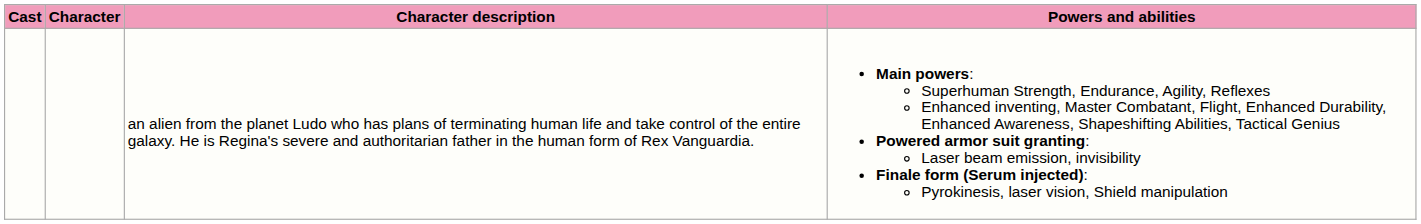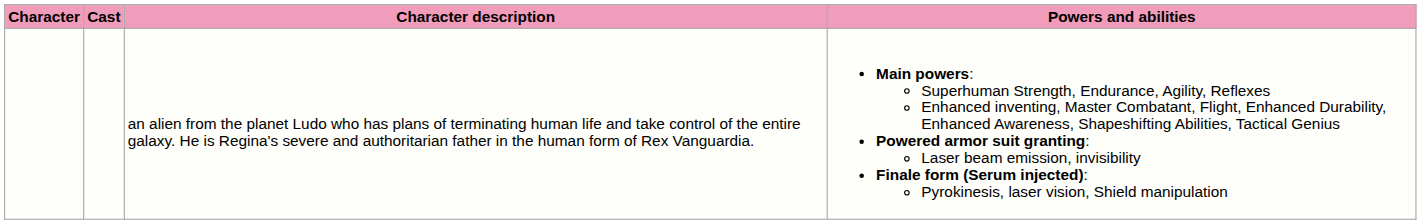 <table class="wikitable" style=" background:#FEFEFA; font-size: 85%;">
 <tr>
+<th style="background:#F19CBB; ">Character</th>
 <th style="background:#F19CBB;">Cast</th>
-<th style="background:#F19CBB; ">Character</th>
 <th style="background:#F19CBB;">Character description</th>
 <th style="background:#F19CBB;">Powers and abilities</th>
 </tr>
 <tr>
 <td></td>
 <td></td>
 <td><br>an alien from the planet Ludo who has plans of terminating human life and take control of the entire galaxy. He is Regina's severe and authoritarian father in the human form of Rex Vanguardia.</td>
 <td><br><ul><li><strong>Main powers</strong>:<ul><li>Superhuman Strength, Endurance, Agility, Reflexes</li><li>Enhanced inventing, Master Combatant, Flight, Enhanced Durability, Enhanced Awareness, Shapeshifting Abilities, Tactical Genius</li></ul></li><li><strong>Powered armor suit granting</strong>:<ul><li>Laser beam emission, invisibility</li></ul></li><li><strong>Finale form (Serum injected)</strong>:<ul><li>Pyrokinesis, laser vision, Shield manipulation</li></ul></li></ul></td>
 </tr>
 </table>
